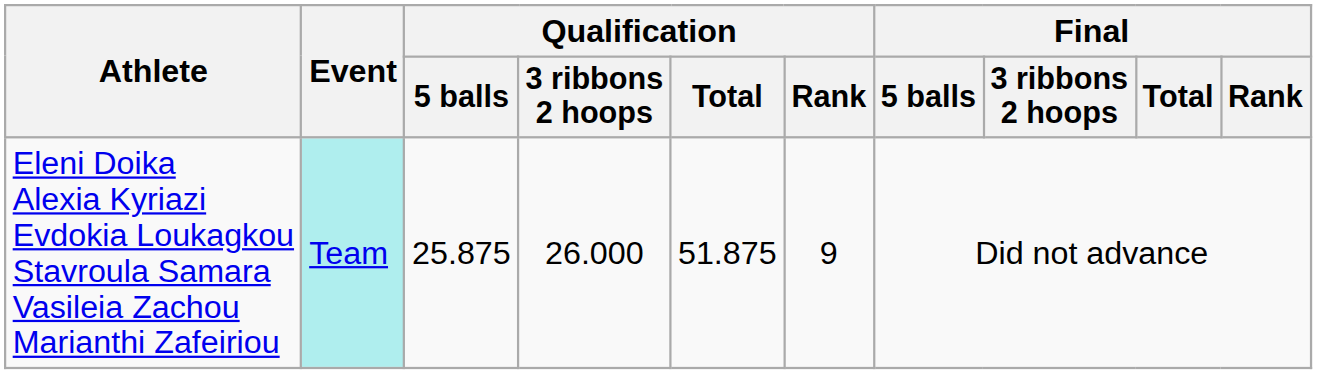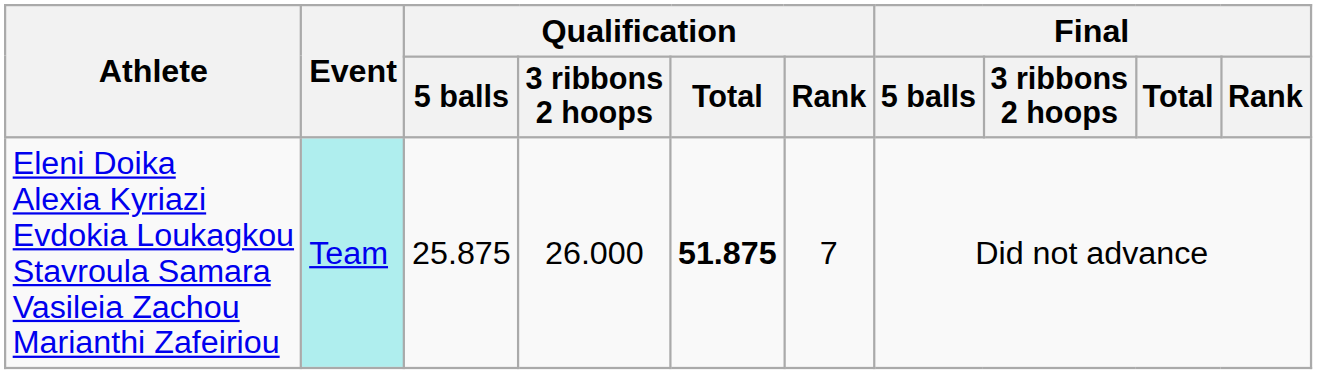 <table class=wikitable style="font-size:90%">
 <tr>
 <th rowspan="2">Athlete</th>
 <th rowspan="2">Event</th>
 <th colspan=4>Qualification</th>
 <th colspan=4>Final</th>
 </tr>
 <tr style="font-size:95%">
 <th>5 balls</th>
 <th>3 ribbons <br>2 hoops</th>
 <th>Total</th>
 <th>Rank</th>
 <th>5 balls</th>
 <th>3 ribbons <br>2 hoops</th>
 <th>Total</th>
 <th>Rank</th>
 </tr>
 <tr align=center>
 <td align=left><a href='#'>Eleni Doika</a><br> <a href='#'>Alexia Kyriazi</a> <br> <a href='#'>Evdokia Loukagkou</a><br><a href='#'>Stavroula Samara</a><br> <a href='#'>Vasileia Zachou</a> <br> <a href='#'>Marianthi Zafeiriou</a></td>
 <td align=left style="background: paleturquoise;"><a href='#'>Team</a></td>
 <td>25.875</td>
 <td>26.000</td>
-<td>51.875</td>
-<td>9</td>
+<td><strong>51.875</strong></td>
+<td>7</td>
 <td colspan=4>Did not advance</td>
 </tr>
 </table>
